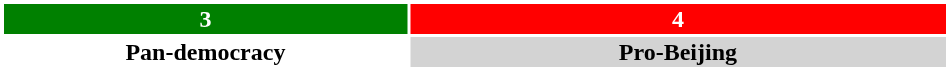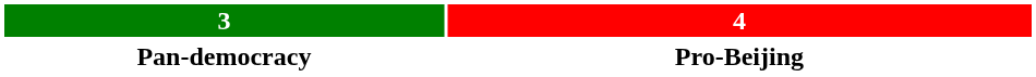 <table style="width:50%; text-align:center;">
 <tr style="color:white;">
 <td style="background:green; width:42.9%;"><strong>3</strong></td>
 <td style="background:red; width:57.1%;"><strong>4</strong></td>
 </tr>
 <tr>
 <td><span><strong>Pan-democracy</strong></span></td>
-<td style="background: lightgrey;"><span><strong>Pro-Beijing</strong></span></td>
+<td><span><strong>Pro-Beijing</strong></span></td>
 </tr>
 </table>
